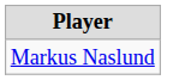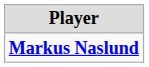 <table class="wikitable">
 <tr align="center"  bgcolor="#dddddd">
 <td><strong>Player</strong></td>
 </tr>
 <tr>
-<td><a href='#'>Markus Naslund</a></td>
+<td><strong><a href='#'>Markus Naslund</a></strong></td>
 </tr>
 </table>
